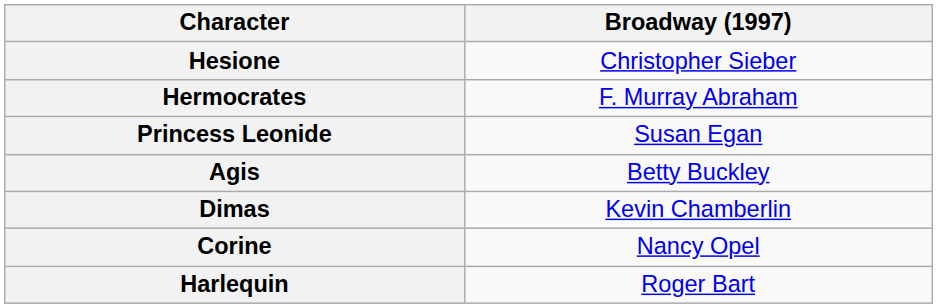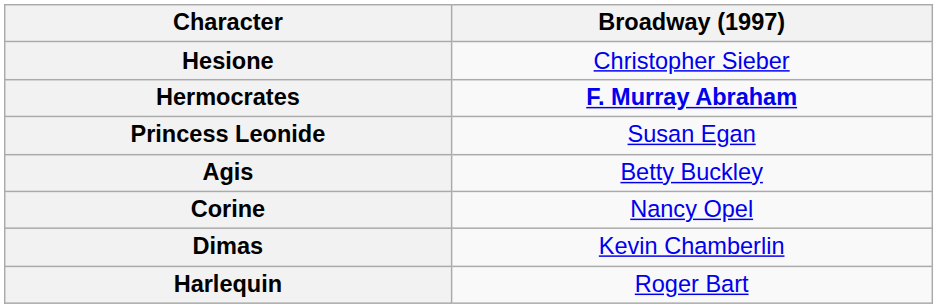 <table class="wikitable" style="width:50%; text-align:center">
 <tr>
 <th scope="col">Character</th>
 <th>Broadway (1997)</th>
 </tr>
 <tr>
 <th>Hesione</th>
 <td colspan="1"><a href='#'>Christopher Sieber</a></td>
 </tr>
 <tr>
 <th>Hermocrates</th>
-<td colspan="1”"><a href='#'>F. Murray Abraham</a></td>
+<td colspan="1”"><strong><a href='#'>F. Murray Abraham</a></strong></td>
 </tr>
 <tr>
 <th>Princess Leonide</th>
 <td colspan="1”"><a href='#'>Susan Egan</a></td>
 </tr>
 <tr>
 <th>Agis</th>
 <td colspan="1"><a href='#'>Betty Buckley</a></td>
 </tr>
 <tr>
+<th>Corine</th>
+<td colspan="1"><a href='#'>Nancy Opel</a></td>
+</tr>
+<tr>
 <th>Dimas</th>
 <td colspan="1"><a href='#'>Kevin Chamberlin</a></td>
-</tr>
-<tr>
-<th>Corine</th>
-<td colspan="1"><a href='#'>Nancy Opel</a></td>
 </tr>
 <tr>
 <th>Harlequin</th>
 <td colspan="1"><a href='#'>Roger Bart</a></td>
 </tr>
 </table>
